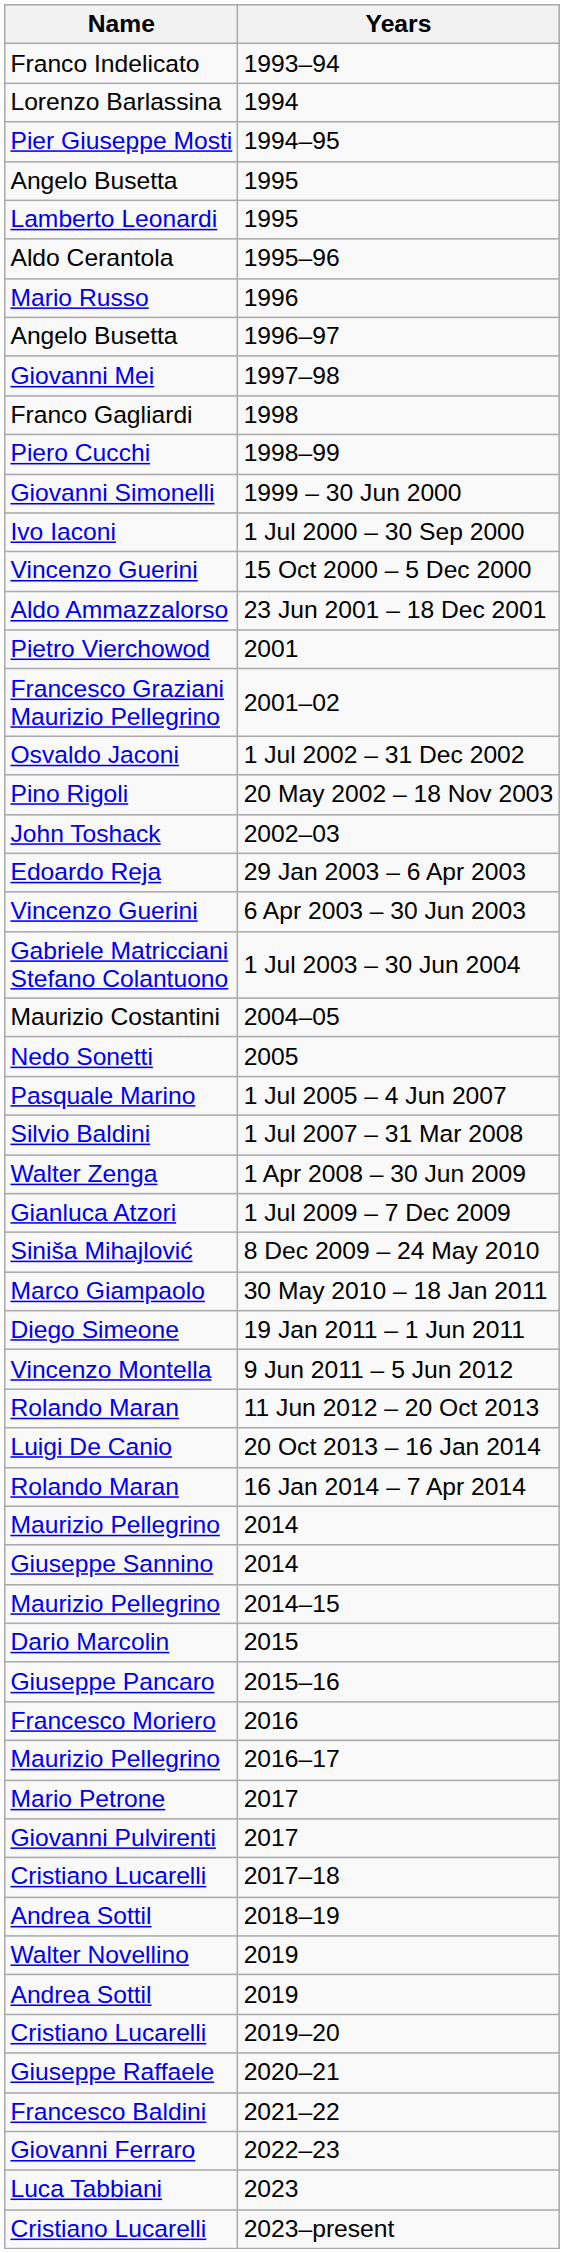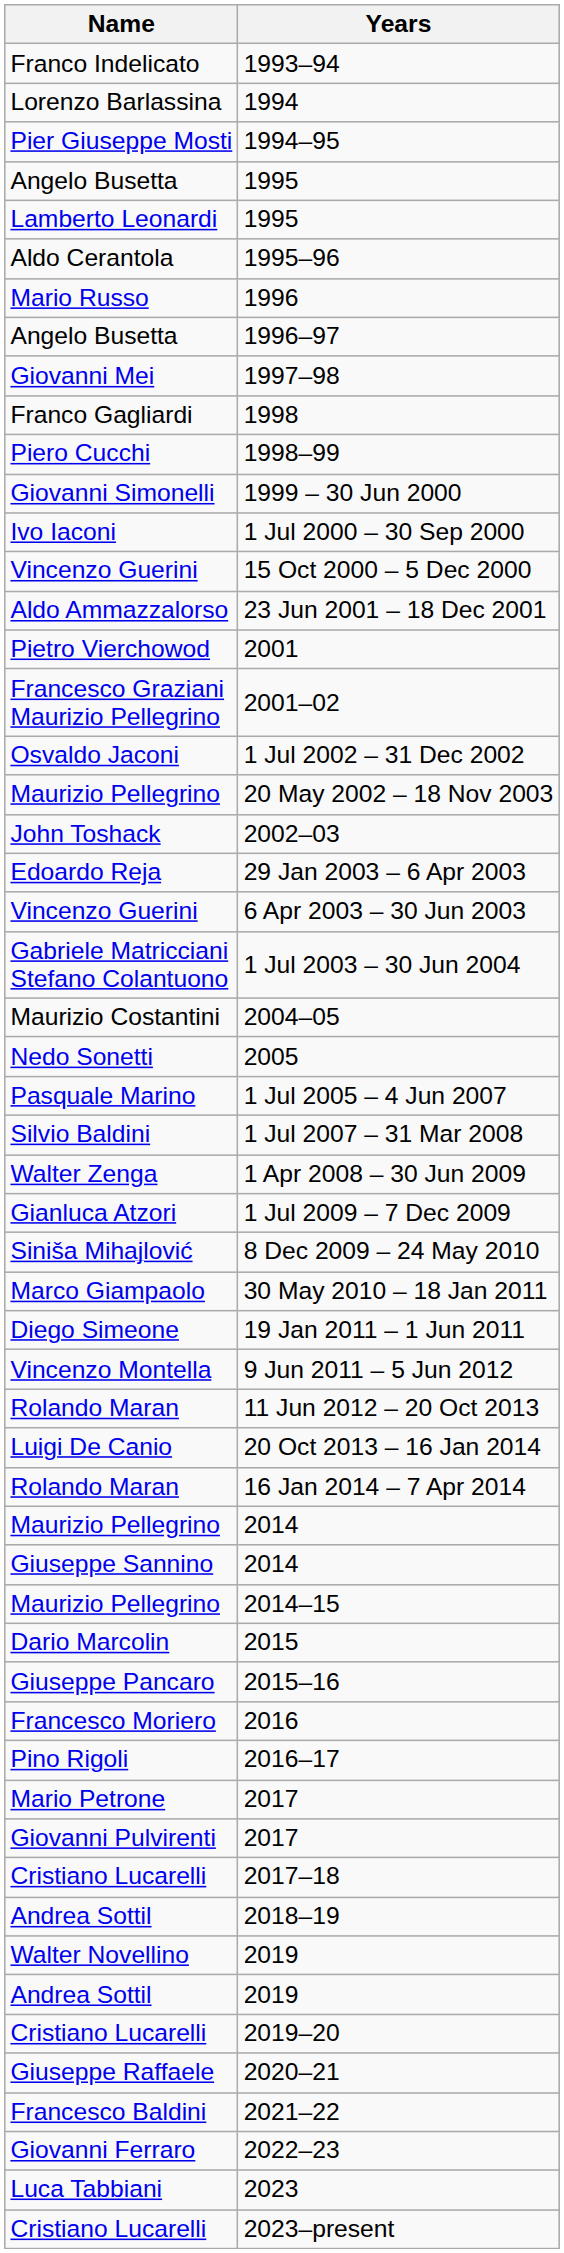 <table class="wikitable" style="text-align: center">
 <tr>
 <th rowspan="1">Name</th>
 <th rowspan="1">Years</th>
 </tr>
 <tr>
 <td align=left>Franco Indelicato</td>
 <td align=left>1993–94</td>
 </tr>
 <tr>
 <td align=left>Lorenzo Barlassina</td>
 <td align=left>1994</td>
 </tr>
 <tr>
 <td align=left><a href='#'>Pier Giuseppe Mosti</a></td>
 <td align=left>1994–95</td>
 </tr>
 <tr>
 <td align=left>Angelo Busetta</td>
 <td align=left>1995</td>
 </tr>
 <tr>
 <td align=left><a href='#'>Lamberto Leonardi</a></td>
 <td align=left>1995</td>
 </tr>
 <tr>
 <td align=left>Aldo Cerantola</td>
 <td align=left>1995–96</td>
 </tr>
 <tr>
 <td align=left><a href='#'>Mario Russo</a></td>
 <td align=left>1996</td>
 </tr>
 <tr>
 <td align=left>Angelo Busetta</td>
 <td align=left>1996–97</td>
 </tr>
 <tr>
 <td align=left><a href='#'>Giovanni Mei</a></td>
 <td align=left>1997–98</td>
 </tr>
 <tr>
 <td align=left>Franco Gagliardi</td>
 <td align=left>1998</td>
 </tr>
 <tr>
 <td align=left><a href='#'>Piero Cucchi</a></td>
 <td align=left>1998–99</td>
 </tr>
 <tr>
 <td align=left><a href='#'>Giovanni Simonelli</a></td>
 <td align=left>1999 – 30 Jun 2000</td>
 </tr>
 <tr>
 <td align=left><a href='#'>Ivo Iaconi</a></td>
 <td align=left>1 Jul 2000 – 30 Sep 2000</td>
 </tr>
 <tr>
 <td align=left><a href='#'>Vincenzo Guerini</a></td>
 <td align=left>15 Oct 2000 – 5 Dec 2000</td>
 </tr>
 <tr>
 <td align=left><a href='#'>Aldo Ammazzalorso</a></td>
 <td align=left>23 Jun 2001 – 18 Dec 2001</td>
 </tr>
 <tr>
 <td align=left><a href='#'>Pietro Vierchowod</a></td>
 <td align=left>2001</td>
 </tr>
 <tr>
 <td align=left><a href='#'>Francesco Graziani</a><br><a href='#'>Maurizio Pellegrino</a></td>
 <td align=left>2001–02</td>
 </tr>
 <tr>
 <td align=left><a href='#'>Osvaldo Jaconi</a></td>
 <td align=left>1 Jul 2002 – 31 Dec 2002</td>
 </tr>
 <tr>
-<td align=left><a href='#'>Pino Rigoli</a></td>
+<td align=left><a href='#'>Maurizio Pellegrino</a></td>
 <td align=left>20 May 2002 – 18 Nov 2003</td>
 </tr>
 <tr>
 <td align=left><a href='#'>John Toshack</a></td>
 <td align=left>2002–03</td>
 </tr>
 <tr>
 <td align=left><a href='#'>Edoardo Reja</a></td>
 <td align=left>29 Jan 2003 – 6 Apr 2003</td>
 </tr>
 <tr>
 <td align=left><a href='#'>Vincenzo Guerini</a></td>
 <td align=left>6 Apr 2003 – 30 Jun 2003</td>
 </tr>
 <tr>
 <td align=left><a href='#'>Gabriele Matricciani</a><br><a href='#'>Stefano Colantuono</a></td>
 <td align=left>1 Jul 2003 – 30 Jun 2004</td>
 </tr>
 <tr>
 <td align=left>Maurizio Costantini</td>
 <td align=left>2004–05</td>
 </tr>
 <tr>
 <td align=left><a href='#'>Nedo Sonetti</a></td>
 <td align=left>2005</td>
 </tr>
 <tr>
 <td align=left><a href='#'>Pasquale Marino</a></td>
 <td align=left>1 Jul 2005 – 4 Jun 2007</td>
 </tr>
 <tr>
 <td align=left><a href='#'>Silvio Baldini</a></td>
 <td align=left>1 Jul 2007 – 31 Mar 2008</td>
 </tr>
 <tr>
 <td align=left><a href='#'>Walter Zenga</a></td>
 <td align=left>1 Apr 2008 – 30 Jun 2009</td>
 </tr>
 <tr>
 <td align=left><a href='#'>Gianluca Atzori</a></td>
 <td align=left>1 Jul 2009 – 7 Dec 2009</td>
 </tr>
 <tr>
 <td align=left><a href='#'>Siniša Mihajlović</a></td>
 <td align=left>8 Dec 2009 – 24 May 2010</td>
 </tr>
 <tr>
 <td align=left><a href='#'>Marco Giampaolo</a></td>
 <td align=left>30 May 2010 – 18 Jan 2011</td>
 </tr>
 <tr>
 <td align=left><a href='#'>Diego Simeone</a></td>
 <td align=left>19 Jan 2011 – 1 Jun 2011</td>
 </tr>
 <tr>
 <td align=left><a href='#'>Vincenzo Montella</a></td>
 <td align=left>9 Jun 2011 – 5 Jun 2012</td>
 </tr>
 <tr>
 <td align=left><a href='#'>Rolando Maran</a></td>
 <td align=left>11 Jun 2012 – 20 Oct 2013</td>
 </tr>
 <tr>
 <td align=left><a href='#'>Luigi De Canio</a></td>
 <td align=left>20 Oct 2013 – 16 Jan 2014</td>
 </tr>
 <tr>
 <td align=left><a href='#'>Rolando Maran</a></td>
 <td align=left>16 Jan 2014 – 7 Apr 2014</td>
 </tr>
 <tr>
 <td align=left><a href='#'>Maurizio Pellegrino</a></td>
 <td align=left>2014</td>
 </tr>
 <tr>
 <td align=left><a href='#'>Giuseppe Sannino</a></td>
 <td align=left>2014</td>
 </tr>
 <tr>
 <td align=left><a href='#'>Maurizio Pellegrino</a></td>
 <td align=left>2014–15</td>
 </tr>
 <tr>
 <td align=left><a href='#'>Dario Marcolin</a></td>
 <td align=left>2015</td>
 </tr>
 <tr>
 <td align=left><a href='#'>Giuseppe Pancaro</a></td>
 <td align=left>2015–16</td>
 </tr>
 <tr>
 <td align=left><a href='#'>Francesco Moriero</a></td>
 <td align=left>2016</td>
 </tr>
 <tr>
-<td align=left><a href='#'>Maurizio Pellegrino</a></td>
+<td align=left><a href='#'>Pino Rigoli</a></td>
 <td align=left>2016–17</td>
 </tr>
 <tr>
 <td align=left><a href='#'>Mario Petrone</a></td>
 <td align=left>2017</td>
 </tr>
 <tr>
 <td align=left><a href='#'>Giovanni Pulvirenti</a></td>
 <td align=left>2017</td>
 </tr>
 <tr>
 <td align=left><a href='#'>Cristiano Lucarelli</a></td>
 <td align=left>2017–18</td>
 </tr>
 <tr>
 <td align=left><a href='#'>Andrea Sottil</a></td>
 <td align=left>2018–19</td>
 </tr>
 <tr>
 <td align=left><a href='#'>Walter Novellino</a></td>
 <td align=left>2019</td>
 </tr>
 <tr>
 <td align=left><a href='#'>Andrea Sottil</a></td>
 <td align=left>2019</td>
 </tr>
 <tr>
 <td align=left><a href='#'>Cristiano Lucarelli</a></td>
 <td align=left>2019–20</td>
 </tr>
 <tr>
 <td align=left><a href='#'>Giuseppe Raffaele</a></td>
 <td align=left>2020–21</td>
 </tr>
 <tr>
 <td align=left><a href='#'>Francesco Baldini</a></td>
 <td align=left>2021–22</td>
 </tr>
 <tr>
 <td align=left><a href='#'>Giovanni Ferraro</a></td>
 <td align=left>2022–23</td>
 </tr>
 <tr>
 <td align=left><a href='#'>Luca Tabbiani</a></td>
 <td align=left>2023</td>
 </tr>
 <tr>
 <td align=left><a href='#'>Cristiano Lucarelli</a></td>
 <td align=left>2023–present</td>
 </tr>
 </table>
